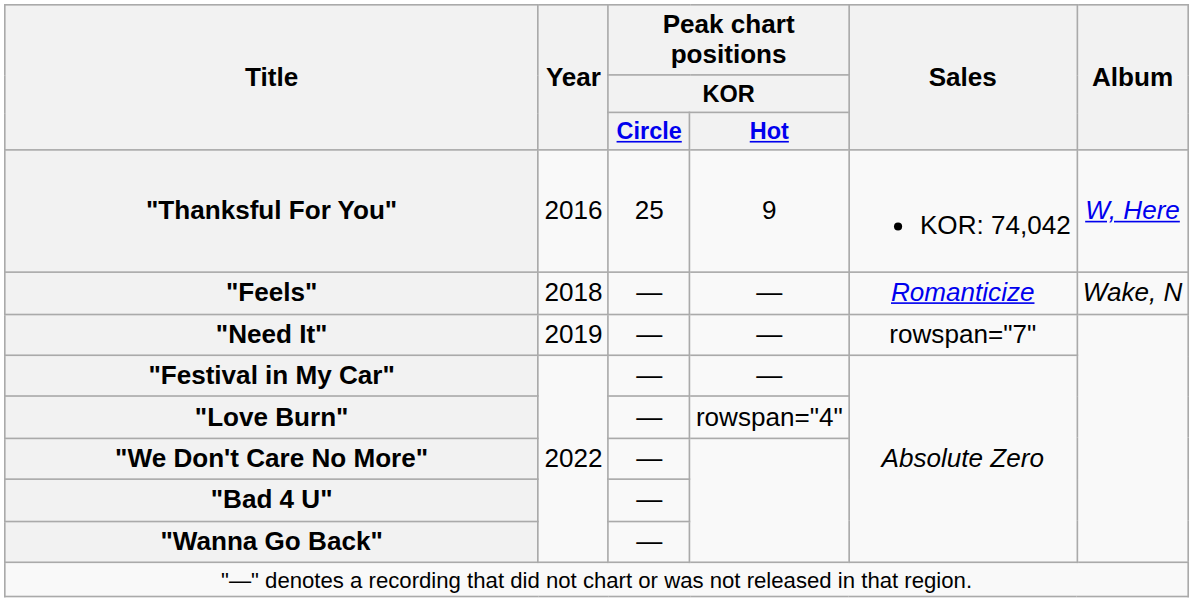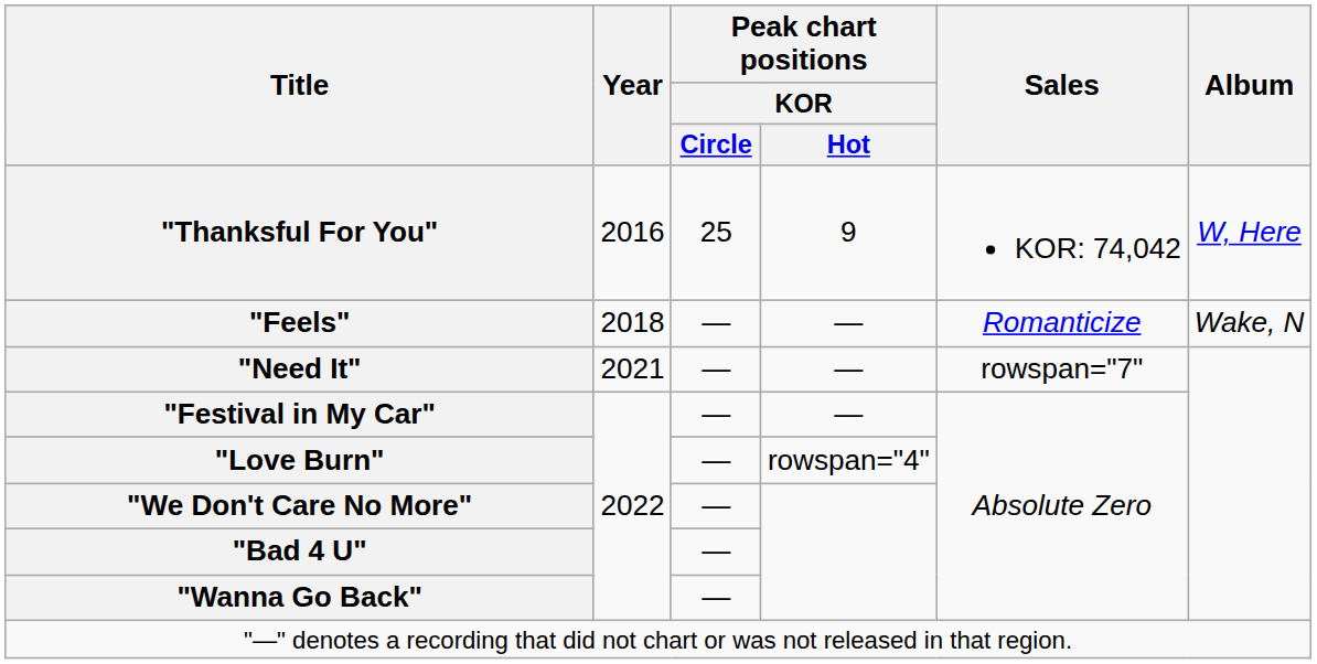 <table class="wikitable plainrowheaders" style="text-align:center;">
 <tr>
 <th scope="col" rowspan="3" style="width:20em;">Title</th>
 <th scope="col" rowspan="3">Year</th>
 <th scope="col" colspan="2">Peak chart<br>positions</th>
 <th scope="col" rowspan="3">Sales</th>
 <th scope="col" rowspan="3">Album</th>
 </tr>
 <tr>
 <th scope="col" colspan="2" style="font-size:90%">KOR</th>
 </tr>
 <tr>
 <th scope="col" style="width:3em;font-size:90%;"><a href='#'>Circle</a><br></th>
 <th scope="col" style="width:3em;font-size:90%;"><a href='#'>Hot</a><br></th>
 </tr>
 <tr>
 <th scope="row">"Thanksful For You" </th>
 <td>2016</td>
 <td>25</td>
 <td>9</td>
 <td><br><ul><li>KOR: 74,042</li></ul></td>
 <td><em><a href='#'>W, Here</a></em></td>
 </tr>
 <tr>
 <th scope="row">"Feels"</th>
 <td>2018</td>
 <td>—</td>
 <td>—</td>
 <td><em><a href='#'>Romanticize</a></em></td>
 <td><em>Wake, N</em></td>
 </tr>
 <tr>
 <th scope="row">"Need It"</th>
-<td>2019</td>
+<td>2021</td>
 <td>—</td>
 <td>—</td>
 <td>rowspan="7" </td>
 </tr>
 <tr>
 <th scope="row">"Festival in My Car"</th>
 <td rowspan="5">2022</td>
 <td>—</td>
 <td>—</td>
 <td rowspan="5"><em>Absolute Zero</em></td>
 </tr>
 <tr>
 <th scope="row">"Love Burn"</th>
 <td>—</td>
 <td>rowspan="4" </td>
 </tr>
 <tr>
 <th scope="row">"We Don't Care No More"<br></th>
 <td>—</td>
 </tr>
 <tr>
 <th scope="row">"Bad 4 U"</th>
 <td>—</td>
 </tr>
 <tr>
 <th scope="row">"Wanna Go Back" <br></th>
 <td>—</td>
 </tr>
 <tr>
 <td colspan="6" style="font-size:85%">"—" denotes a recording that did not chart or was not released in that region.</td>
 </tr>
 </table>
